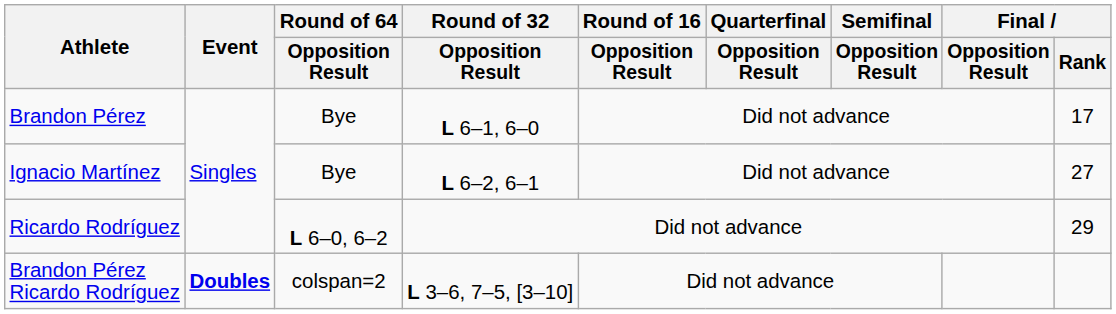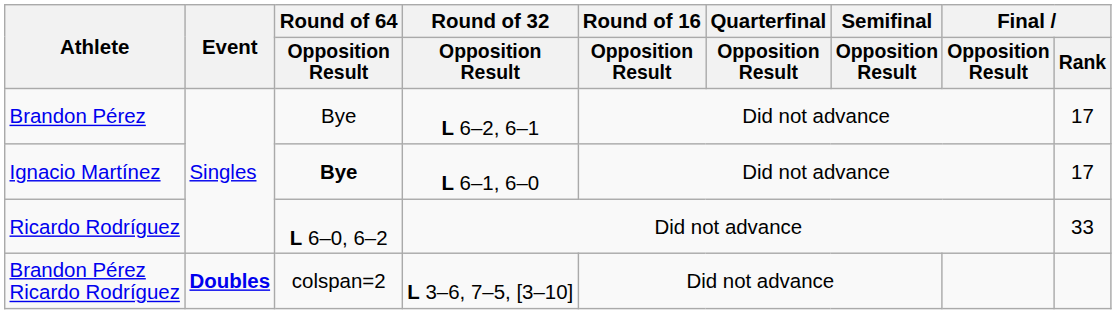 <table class=wikitable style=font-size:90%;text-align:center>
 <tr>
 <th rowspan=2>Athlete</th>
 <th rowspan=2>Event</th>
 <th>Round of 64</th>
 <th>Round of 32</th>
 <th>Round of 16</th>
 <th>Quarterfinal</th>
 <th>Semifinal</th>
 <th colspan=2>Final / </th>
 </tr>
 <tr style=font-size:95%>
 <th>Opposition<br>Result</th>
 <th>Opposition<br>Result</th>
 <th>Opposition<br>Result</th>
 <th>Opposition<br>Result</th>
 <th>Opposition<br>Result</th>
 <th>Opposition<br>Result</th>
 <th>Rank</th>
 </tr>
 <tr>
 <td align=left><a href='#'>Brandon Pérez</a></td>
 <td align=left rowspan=3><a href='#'>Singles</a></td>
 <td>Bye</td>
+<td><br><strong>L</strong> 6–2, 6–1</td>
+<td colspan=4>Did not advance</td>
+<td>17</td>
+</tr>
+<tr>
+<td align=left><a href='#'>Ignacio Martínez</a></td>
+<td><strong>Bye</strong></td>
 <td><br><strong>L</strong> 6–1, 6–0</td>
 <td colspan=4>Did not advance</td>
 <td>17</td>
 </tr>
 <tr>
-<td align=left><a href='#'>Ignacio Martínez</a></td>
-<td>Bye</td>
-<td><br><strong>L</strong> 6–2, 6–1</td>
-<td colspan=4>Did not advance</td>
-<td>27</td>
-</tr>
-<tr>
 <td align=left><a href='#'>Ricardo Rodríguez</a></td>
 <td><br><strong>L</strong> 6–0, 6–2</td>
 <td colspan=5>Did not advance</td>
-<td>29</td>
+<td>33</td>
 </tr>
 <tr>
 <td align=left><a href='#'>Brandon Pérez</a><br><a href='#'>Ricardo Rodríguez</a></td>
 <td align=left><strong><a href='#'>Doubles</a></strong></td>
 <td>colspan=2 </td>
 <td><br><strong>L</strong> 3–6, 7–5, [3–10]</td>
 <td colspan=3>Did not advance</td>
 <td></td>
 </tr>
 </table>
